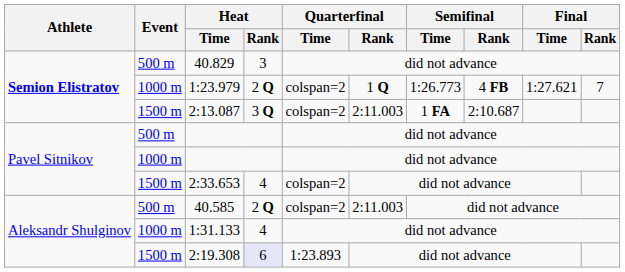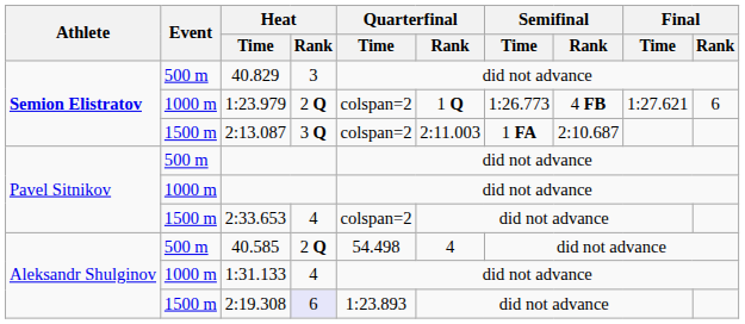 <table class="wikitable" style="font-size:90%">
 <tr>
 <th rowspan=2>Athlete</th>
 <th rowspan=2>Event</th>
 <th colspan=2>Heat</th>
 <th colspan=2>Quarterfinal</th>
 <th colspan=2>Semifinal</th>
 <th colspan=2>Final</th>
 </tr>
 <tr style="font-size:95%">
 <th>Time</th>
 <th>Rank</th>
 <th>Time</th>
 <th>Rank</th>
 <th>Time</th>
 <th>Rank</th>
 <th>Time</th>
 <th>Rank</th>
 </tr>
 <tr align=center>
 <td align=left rowspan=3><strong><a href='#'>Semion Elistratov</a></strong></td>
 <td align=left><a href='#'>500 m</a></td>
 <td>40.829</td>
 <td>3</td>
 <td colspan=6>did not advance</td>
 </tr>
 <tr align=center>
 <td align=left><a href='#'>1000 m</a></td>
 <td>1:23.979</td>
 <td>2 <strong>Q</strong></td>
 <td>colspan=2 </td>
 <td>1 <strong>Q</strong></td>
 <td>1:26.773</td>
 <td>4 <strong>FB</strong></td>
 <td>1:27.621</td>
-<td>7</td>
+<td>6</td>
 </tr>
 <tr align=center>
 <td align=left><a href='#'>1500 m</a></td>
 <td>2:13.087</td>
 <td>3 <strong>Q</strong></td>
 <td>colspan=2 </td>
 <td>2:11.003</td>
 <td>1 <strong>FA</strong></td>
 <td>2:10.687</td>
 <td></td>
 </tr>
 <tr align=center>
 <td align=left rowspan=3><a href='#'>Pavel Sitnikov</a></td>
 <td align=left><a href='#'>500 m</a></td>
 <td colspan=2></td>
 <td colspan=6>did not advance</td>
 </tr>
 <tr align=center>
 <td align=left><a href='#'>1000 m</a></td>
 <td colspan=2></td>
 <td colspan=6>did not advance</td>
 </tr>
 <tr align=center>
 <td align=left><a href='#'>1500 m</a></td>
 <td>2:33.653</td>
 <td>4</td>
 <td>colspan=2 </td>
 <td colspan=4>did not advance</td>
 </tr>
 <tr align=center>
 <td align=left rowspan=3><a href='#'>Aleksandr Shulginov</a></td>
 <td align=left><a href='#'>500 m</a></td>
 <td>40.585</td>
 <td>2 <strong>Q</strong></td>
-<td>colspan=2 </td>
-<td>2:11.003</td>
+<td>54.498</td>
+<td>4</td>
 <td colspan=4>did not advance</td>
 </tr>
 <tr align=center>
 <td align=left><a href='#'>1000 m</a></td>
 <td>1:31.133</td>
 <td>4</td>
 <td colspan=6>did not advance</td>
 </tr>
 <tr align=center>
 <td align=left><a href='#'>1500 m</a></td>
 <td>2:19.308</td>
 <td style="background: lavender;">6</td>
 <td>1:23.893</td>
 <td colspan=4>did not advance</td>
 </tr>
 </table>
